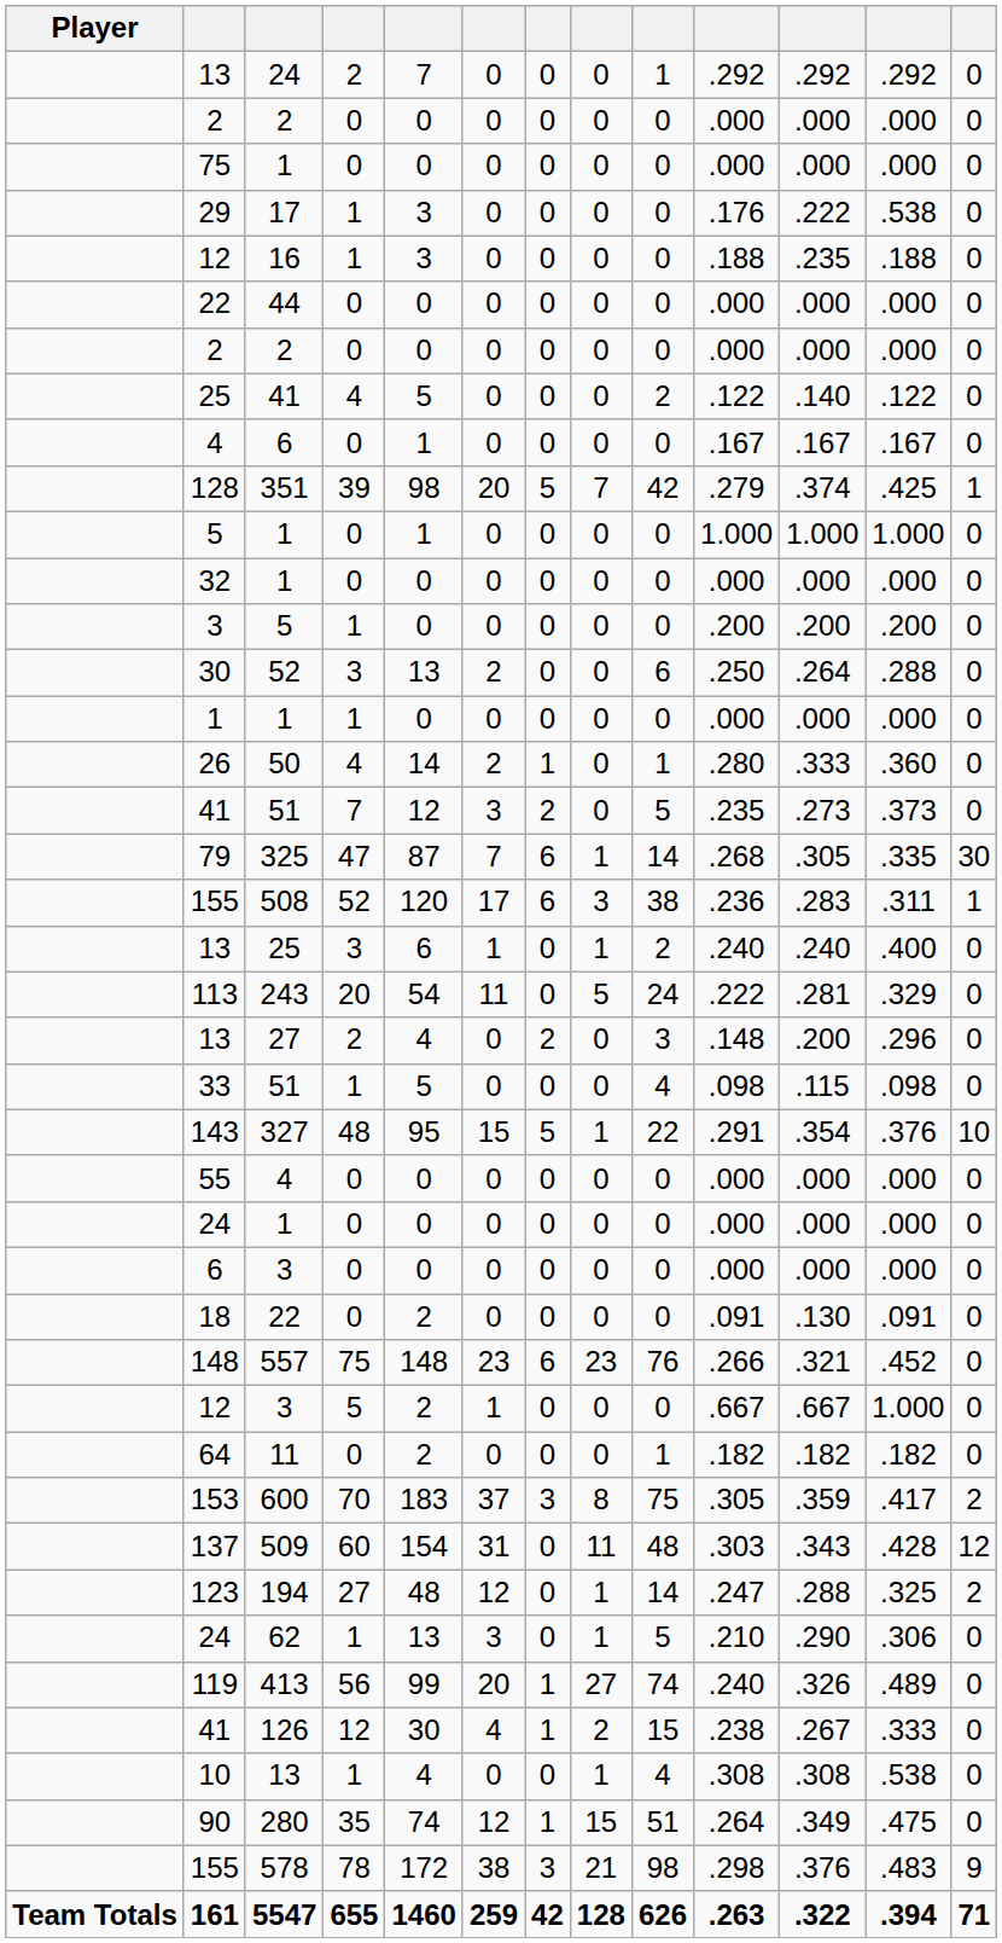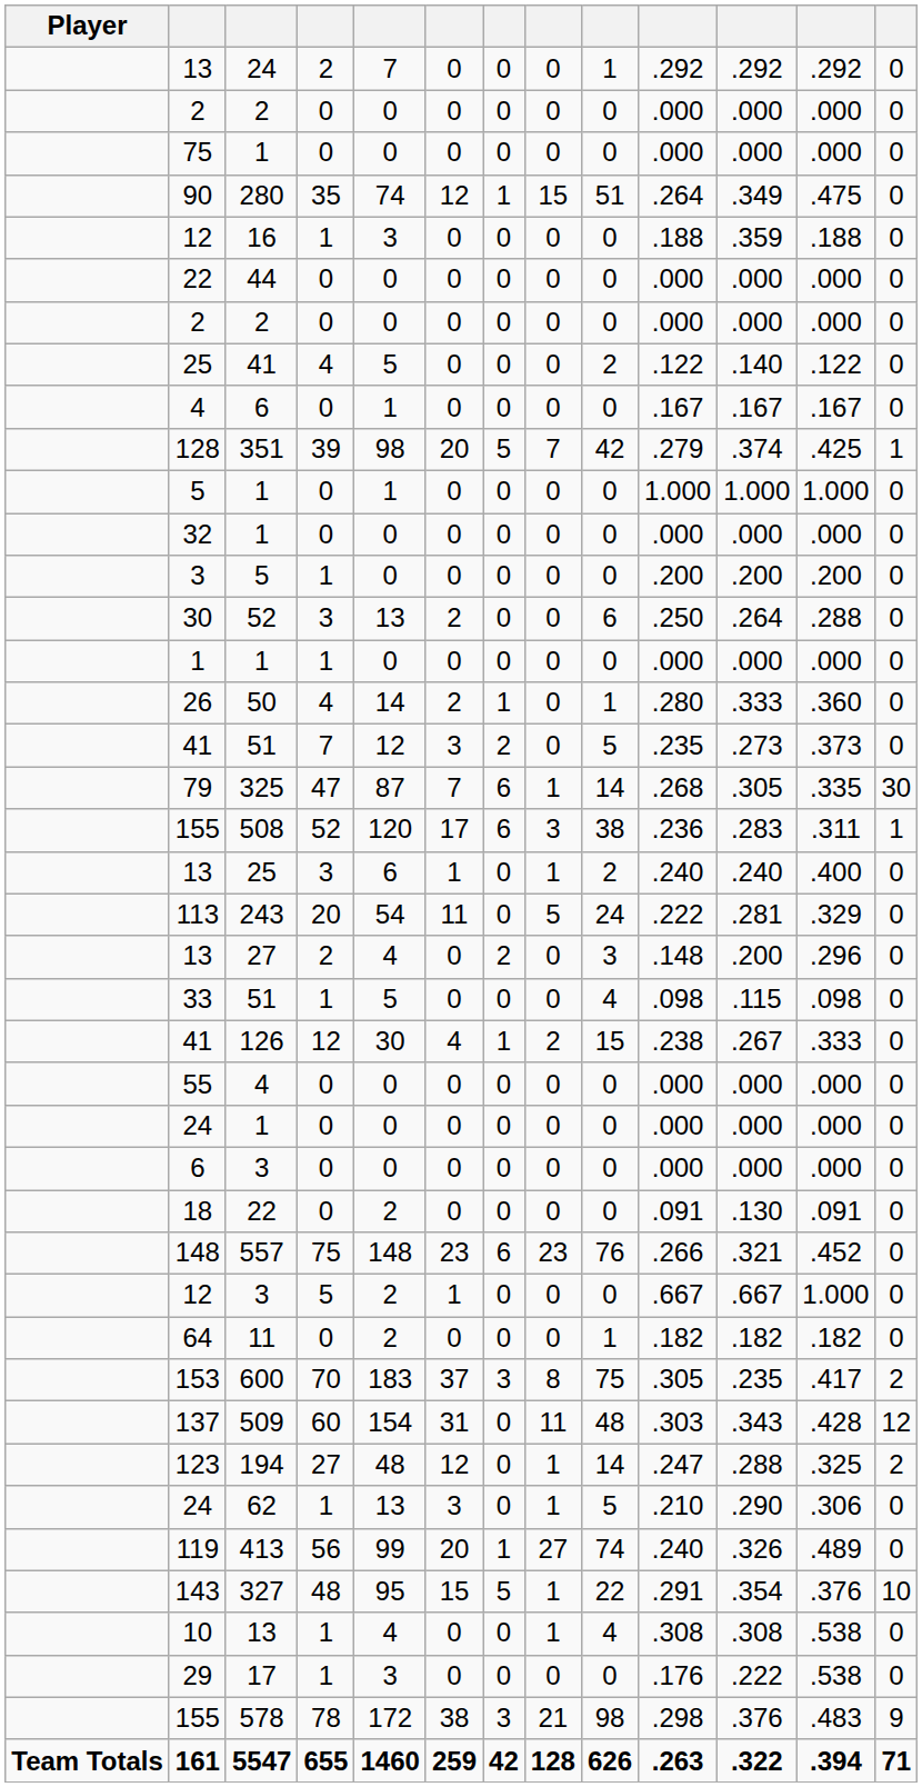 <table class="wikitable sortable" style="text-align:center;">
 <tr>
 <th>Player</th>
 <th></th>
 <th></th>
 <th></th>
 <th></th>
 <th></th>
 <th></th>
 <th></th>
 <th></th>
 <th></th>
 <th></th>
 <th></th>
 <th></th>
 </tr>
 <tr>
 <td align=left></td>
 <td>13</td>
 <td>24</td>
 <td>2</td>
 <td>7</td>
 <td>0</td>
 <td>0</td>
 <td>0</td>
 <td>1</td>
 <td>.292</td>
 <td>.292</td>
 <td>.292</td>
 <td>0</td>
 </tr>
 <tr>
 <td align=left></td>
 <td>2</td>
 <td>2</td>
 <td>0</td>
 <td>0</td>
 <td>0</td>
 <td>0</td>
 <td>0</td>
 <td>0</td>
 <td>.000</td>
 <td>.000</td>
 <td>.000</td>
 <td>0</td>
 </tr>
 <tr>
 <td align=left></td>
 <td>75</td>
 <td>1</td>
 <td>0</td>
 <td>0</td>
 <td>0</td>
 <td>0</td>
 <td>0</td>
 <td>0</td>
 <td>.000</td>
 <td>.000</td>
 <td>.000</td>
 <td>0</td>
 </tr>
 <tr>
 <td align=left></td>
-<td>29</td>
-<td>17</td>
+<td>90</td>
+<td>280</td>
+<td>35</td>
+<td>74</td>
+<td>12</td>
 <td>1</td>
-<td>3</td>
-<td>0</td>
-<td>0</td>
-<td>0</td>
-<td>0</td>
-<td>.176</td>
-<td>.222</td>
-<td>.538</td>
+<td>15</td>
+<td>51</td>
+<td>.264</td>
+<td>.349</td>
+<td>.475</td>
 <td>0</td>
 </tr>
 <tr>
 <td align=left></td>
 <td>12</td>
 <td>16</td>
 <td>1</td>
 <td>3</td>
 <td>0</td>
 <td>0</td>
 <td>0</td>
 <td>0</td>
 <td>.188</td>
-<td>.235</td>
+<td>.359</td>
 <td>.188</td>
 <td>0</td>
 </tr>
 <tr>
 <td align=left></td>
 <td>22</td>
 <td>44</td>
 <td>0</td>
 <td>0</td>
 <td>0</td>
 <td>0</td>
 <td>0</td>
 <td>0</td>
 <td>.000</td>
 <td>.000</td>
 <td>.000</td>
 <td>0</td>
 </tr>
 <tr>
 <td align=left></td>
 <td>2</td>
 <td>2</td>
 <td>0</td>
 <td>0</td>
 <td>0</td>
 <td>0</td>
 <td>0</td>
 <td>0</td>
 <td>.000</td>
 <td>.000</td>
 <td>.000</td>
 <td>0</td>
 </tr>
 <tr>
 <td align=left></td>
 <td>25</td>
 <td>41</td>
 <td>4</td>
 <td>5</td>
 <td>0</td>
 <td>0</td>
 <td>0</td>
 <td>2</td>
 <td>.122</td>
 <td>.140</td>
 <td>.122</td>
 <td>0</td>
 </tr>
 <tr>
 <td align=left></td>
 <td>4</td>
 <td>6</td>
 <td>0</td>
 <td>1</td>
 <td>0</td>
 <td>0</td>
 <td>0</td>
 <td>0</td>
 <td>.167</td>
 <td>.167</td>
 <td>.167</td>
 <td>0</td>
 </tr>
 <tr>
 <td align=left></td>
 <td>128</td>
 <td>351</td>
 <td>39</td>
 <td>98</td>
 <td>20</td>
 <td>5</td>
 <td>7</td>
 <td>42</td>
 <td>.279</td>
 <td>.374</td>
 <td>.425</td>
 <td>1</td>
 </tr>
 <tr>
 <td align=left></td>
 <td>5</td>
 <td>1</td>
 <td>0</td>
 <td>1</td>
 <td>0</td>
 <td>0</td>
 <td>0</td>
 <td>0</td>
 <td>1.000</td>
 <td>1.000</td>
 <td>1.000</td>
 <td>0</td>
 </tr>
 <tr>
 <td align=left></td>
 <td>32</td>
 <td>1</td>
 <td>0</td>
 <td>0</td>
 <td>0</td>
 <td>0</td>
 <td>0</td>
 <td>0</td>
 <td>.000</td>
 <td>.000</td>
 <td>.000</td>
 <td>0</td>
 </tr>
 <tr>
 <td align=left></td>
 <td>3</td>
 <td>5</td>
 <td>1</td>
 <td>0</td>
 <td>0</td>
 <td>0</td>
 <td>0</td>
 <td>0</td>
 <td>.200</td>
 <td>.200</td>
 <td>.200</td>
 <td>0</td>
 </tr>
 <tr>
 <td align=left></td>
 <td>30</td>
 <td>52</td>
 <td>3</td>
 <td>13</td>
 <td>2</td>
 <td>0</td>
 <td>0</td>
 <td>6</td>
 <td>.250</td>
 <td>.264</td>
 <td>.288</td>
 <td>0</td>
 </tr>
 <tr>
 <td align=left></td>
 <td>1</td>
 <td>1</td>
 <td>1</td>
 <td>0</td>
 <td>0</td>
 <td>0</td>
 <td>0</td>
 <td>0</td>
 <td>.000</td>
 <td>.000</td>
 <td>.000</td>
 <td>0</td>
 </tr>
 <tr>
 <td align=left></td>
 <td>26</td>
 <td>50</td>
 <td>4</td>
 <td>14</td>
 <td>2</td>
 <td>1</td>
 <td>0</td>
 <td>1</td>
 <td>.280</td>
 <td>.333</td>
 <td>.360</td>
 <td>0</td>
 </tr>
 <tr>
 <td align=left></td>
 <td>41</td>
 <td>51</td>
 <td>7</td>
 <td>12</td>
 <td>3</td>
 <td>2</td>
 <td>0</td>
 <td>5</td>
 <td>.235</td>
 <td>.273</td>
 <td>.373</td>
 <td>0</td>
 </tr>
 <tr>
 <td align=left></td>
 <td>79</td>
 <td>325</td>
 <td>47</td>
 <td>87</td>
 <td>7</td>
 <td>6</td>
 <td>1</td>
 <td>14</td>
 <td>.268</td>
 <td>.305</td>
 <td>.335</td>
 <td>30</td>
 </tr>
 <tr>
 <td align=left></td>
 <td>155</td>
 <td>508</td>
 <td>52</td>
 <td>120</td>
 <td>17</td>
 <td>6</td>
 <td>3</td>
 <td>38</td>
 <td>.236</td>
 <td>.283</td>
 <td>.311</td>
 <td>1</td>
 </tr>
 <tr>
 <td align=left></td>
 <td>13</td>
 <td>25</td>
 <td>3</td>
 <td>6</td>
 <td>1</td>
 <td>0</td>
 <td>1</td>
 <td>2</td>
 <td>.240</td>
 <td>.240</td>
 <td>.400</td>
 <td>0</td>
 </tr>
 <tr>
 <td align=left></td>
 <td>113</td>
 <td>243</td>
 <td>20</td>
 <td>54</td>
 <td>11</td>
 <td>0</td>
 <td>5</td>
 <td>24</td>
 <td>.222</td>
 <td>.281</td>
 <td>.329</td>
 <td>0</td>
 </tr>
 <tr>
 <td align=left></td>
 <td>13</td>
 <td>27</td>
 <td>2</td>
 <td>4</td>
 <td>0</td>
 <td>2</td>
 <td>0</td>
 <td>3</td>
 <td>.148</td>
 <td>.200</td>
 <td>.296</td>
 <td>0</td>
 </tr>
 <tr>
 <td align=left></td>
 <td>33</td>
 <td>51</td>
 <td>1</td>
 <td>5</td>
 <td>0</td>
 <td>0</td>
 <td>0</td>
 <td>4</td>
 <td>.098</td>
 <td>.115</td>
 <td>.098</td>
 <td>0</td>
 </tr>
 <tr>
 <td align=left></td>
-<td>143</td>
-<td>327</td>
-<td>48</td>
-<td>95</td>
+<td>41</td>
+<td>126</td>
+<td>12</td>
+<td>30</td>
+<td>4</td>
+<td>1</td>
+<td>2</td>
 <td>15</td>
-<td>5</td>
-<td>1</td>
-<td>22</td>
-<td>.291</td>
-<td>.354</td>
-<td>.376</td>
-<td>10</td>
+<td>.238</td>
+<td>.267</td>
+<td>.333</td>
+<td>0</td>
 </tr>
 <tr>
 <td align=left></td>
 <td>55</td>
 <td>4</td>
 <td>0</td>
 <td>0</td>
 <td>0</td>
 <td>0</td>
 <td>0</td>
 <td>0</td>
 <td>.000</td>
 <td>.000</td>
 <td>.000</td>
 <td>0</td>
 </tr>
 <tr>
 <td align=left></td>
 <td>24</td>
 <td>1</td>
 <td>0</td>
 <td>0</td>
 <td>0</td>
 <td>0</td>
 <td>0</td>
 <td>0</td>
 <td>.000</td>
 <td>.000</td>
 <td>.000</td>
 <td>0</td>
 </tr>
 <tr>
 <td align=left></td>
 <td>6</td>
 <td>3</td>
 <td>0</td>
 <td>0</td>
 <td>0</td>
 <td>0</td>
 <td>0</td>
 <td>0</td>
 <td>.000</td>
 <td>.000</td>
 <td>.000</td>
 <td>0</td>
 </tr>
 <tr>
 <td align=left></td>
 <td>18</td>
 <td>22</td>
 <td>0</td>
 <td>2</td>
 <td>0</td>
 <td>0</td>
 <td>0</td>
 <td>0</td>
 <td>.091</td>
 <td>.130</td>
 <td>.091</td>
 <td>0</td>
 </tr>
 <tr>
 <td align=left></td>
 <td>148</td>
 <td>557</td>
 <td>75</td>
 <td>148</td>
 <td>23</td>
 <td>6</td>
 <td>23</td>
 <td>76</td>
 <td>.266</td>
 <td>.321</td>
 <td>.452</td>
 <td>0</td>
 </tr>
 <tr>
 <td align=left></td>
 <td>12</td>
 <td>3</td>
 <td>5</td>
 <td>2</td>
 <td>1</td>
 <td>0</td>
 <td>0</td>
 <td>0</td>
 <td>.667</td>
 <td>.667</td>
 <td>1.000</td>
 <td>0</td>
 </tr>
 <tr>
 <td align=left></td>
 <td>64</td>
 <td>11</td>
 <td>0</td>
 <td>2</td>
 <td>0</td>
 <td>0</td>
 <td>0</td>
 <td>1</td>
 <td>.182</td>
 <td>.182</td>
 <td>.182</td>
 <td>0</td>
 </tr>
 <tr>
 <td align=left></td>
 <td>153</td>
 <td>600</td>
 <td>70</td>
 <td>183</td>
 <td>37</td>
 <td>3</td>
 <td>8</td>
 <td>75</td>
 <td>.305</td>
-<td>.359</td>
+<td>.235</td>
 <td>.417</td>
 <td>2</td>
 </tr>
 <tr>
 <td align=left></td>
 <td>137</td>
 <td>509</td>
 <td>60</td>
 <td>154</td>
 <td>31</td>
 <td>0</td>
 <td>11</td>
 <td>48</td>
 <td>.303</td>
 <td>.343</td>
 <td>.428</td>
 <td>12</td>
 </tr>
 <tr>
 <td align=left></td>
 <td>123</td>
 <td>194</td>
 <td>27</td>
 <td>48</td>
 <td>12</td>
 <td>0</td>
 <td>1</td>
 <td>14</td>
 <td>.247</td>
 <td>.288</td>
 <td>.325</td>
 <td>2</td>
 </tr>
 <tr>
 <td align=left></td>
 <td>24</td>
 <td>62</td>
 <td>1</td>
 <td>13</td>
 <td>3</td>
 <td>0</td>
 <td>1</td>
 <td>5</td>
 <td>.210</td>
 <td>.290</td>
 <td>.306</td>
 <td>0</td>
 </tr>
 <tr>
 <td align=left></td>
 <td>119</td>
 <td>413</td>
 <td>56</td>
 <td>99</td>
 <td>20</td>
 <td>1</td>
 <td>27</td>
 <td>74</td>
 <td>.240</td>
 <td>.326</td>
 <td>.489</td>
 <td>0</td>
 </tr>
 <tr>
 <td align=left></td>
-<td>41</td>
-<td>126</td>
-<td>12</td>
-<td>30</td>
-<td>4</td>
+<td>143</td>
+<td>327</td>
+<td>48</td>
+<td>95</td>
+<td>15</td>
+<td>5</td>
 <td>1</td>
-<td>2</td>
-<td>15</td>
-<td>.238</td>
-<td>.267</td>
-<td>.333</td>
-<td>0</td>
+<td>22</td>
+<td>.291</td>
+<td>.354</td>
+<td>.376</td>
+<td>10</td>
 </tr>
 <tr>
 <td align=left></td>
 <td>10</td>
 <td>13</td>
 <td>1</td>
 <td>4</td>
 <td>0</td>
 <td>0</td>
 <td>1</td>
 <td>4</td>
 <td>.308</td>
 <td>.308</td>
 <td>.538</td>
 <td>0</td>
 </tr>
 <tr>
 <td align=left></td>
-<td>90</td>
-<td>280</td>
-<td>35</td>
-<td>74</td>
-<td>12</td>
+<td>29</td>
+<td>17</td>
 <td>1</td>
-<td>15</td>
-<td>51</td>
-<td>.264</td>
-<td>.349</td>
-<td>.475</td>
+<td>3</td>
+<td>0</td>
+<td>0</td>
+<td>0</td>
+<td>0</td>
+<td>.176</td>
+<td>.222</td>
+<td>.538</td>
 <td>0</td>
 </tr>
 <tr>
 <td align=left></td>
 <td>155</td>
 <td>578</td>
 <td>78</td>
 <td>172</td>
 <td>38</td>
 <td>3</td>
 <td>21</td>
 <td>98</td>
 <td>.298</td>
 <td>.376</td>
 <td>.483</td>
 <td>9</td>
 </tr>
 <tr>
 <td align=left><strong>Team Totals</strong></td>
 <td><strong>161</strong></td>
 <td><strong>5547</strong></td>
 <td><strong>655</strong></td>
 <td><strong>1460</strong></td>
 <td><strong>259</strong></td>
 <td><strong>42</strong></td>
 <td><strong>128</strong></td>
 <td><strong>626</strong></td>
 <td><strong>.263</strong></td>
 <td><strong>.322</strong></td>
 <td><strong>.394</strong></td>
 <td><strong>71</strong></td>
 </tr>
 <tr class="sortbottom|}">
 </tr>
 </table>
